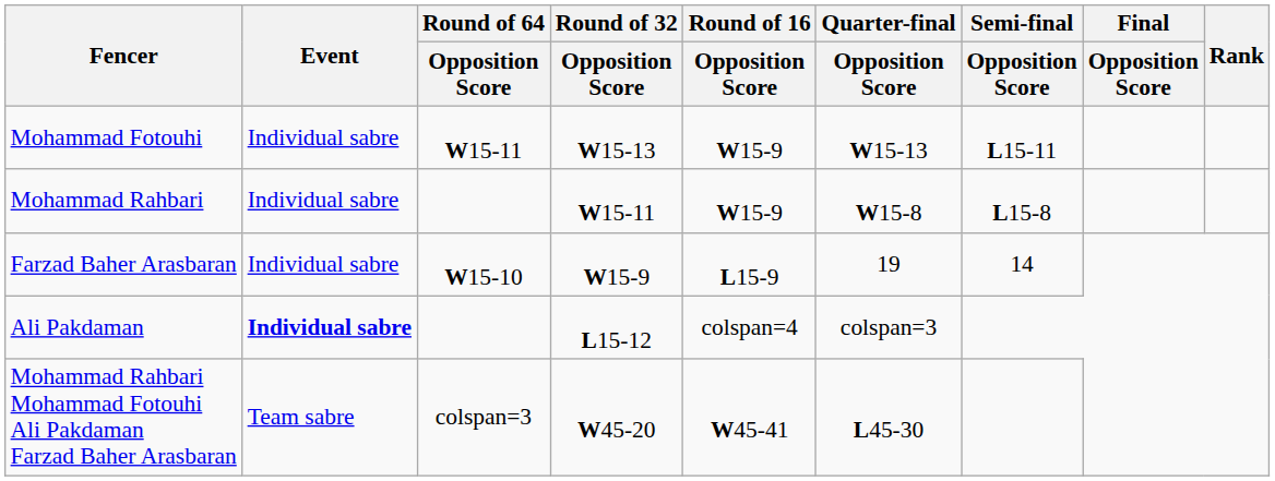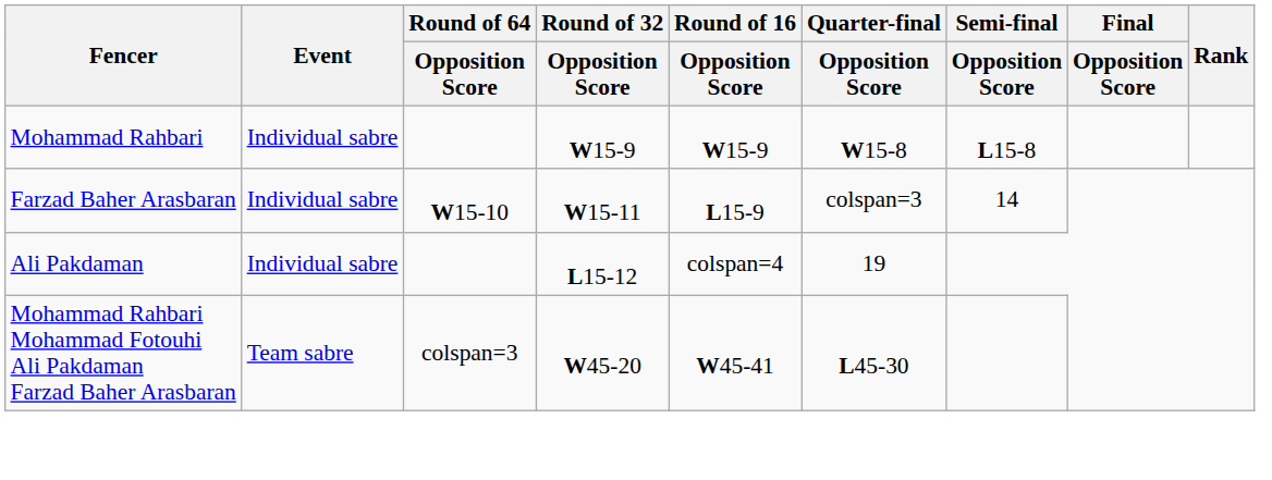 <table class=wikitable style="align:center; white-space:nowrap">
 <tr>
 <th rowspan=2>Fencer</th>
 <th rowspan=2>Event</th>
 <th>Round of 64</th>
 <th>Round of 32</th>
 <th>Round of 16</th>
 <th>Quarter-final</th>
 <th>Semi-final</th>
 <th>Final</th>
 <th rowspan=2>Rank</th>
 </tr>
 <tr>
 <th>Opposition<br>Score</th>
 <th>Opposition<br>Score</th>
 <th>Opposition<br>Score</th>
 <th>Opposition<br>Score</th>
 <th>Opposition<br>Score</th>
 <th>Opposition<br>Score</th>
 </tr>
 <tr align=center>
-<td align=left><a href='#'>Mohammad Fotouhi</a></td>
-<td align=left><a href='#'>Individual sabre</a></td>
-<td><br><strong>W</strong>15-11</td>
-<td><br><strong>W</strong>15-13</td>
-<td><br><strong>W</strong>15-9</td>
-<td><br><strong>W</strong>15-13</td>
-<td><br><strong>L</strong>15-11</td>
-<td></td>
-<td></td>
-</tr>
-<tr align=center>
 <td align=left><a href='#'>Mohammad Rahbari</a></td>
 <td align=left><a href='#'>Individual sabre</a></td>
 <td></td>
-<td><br><strong>W</strong>15-11</td>
+<td><br><strong>W</strong>15-9</td>
 <td><br><strong>W</strong>15-9</td>
 <td><br><strong>W</strong>15-8</td>
 <td><br><strong>L</strong>15-8</td>
 <td></td>
 <td></td>
 </tr>
 <tr align=center>
 <td align=left><a href='#'>Farzad Baher Arasbaran</a></td>
 <td align=left><a href='#'>Individual sabre</a></td>
 <td><br><strong>W</strong>15-10</td>
-<td><br><strong>W</strong>15-9</td>
+<td><br><strong>W</strong>15-11</td>
 <td><br><strong>L</strong>15-9</td>
-<td>19</td>
+<td>colspan=3 </td>
 <td>14</td>
 </tr>
 <tr align=center>
 <td align=left><a href='#'>Ali Pakdaman</a></td>
-<td align=left><strong><a href='#'>Individual sabre</a></strong></td>
+<td align=left><a href='#'>Individual sabre</a></td>
 <td></td>
 <td><br><strong>L</strong>15-12</td>
 <td>colspan=4 </td>
-<td>colspan=3 </td>
+<td>19</td>
 </tr>
 <tr align=center>
 <td align=left><a href='#'>Mohammad Rahbari</a><br><a href='#'>Mohammad Fotouhi</a><br><a href='#'>Ali Pakdaman</a><br><a href='#'>Farzad Baher Arasbaran</a></td>
 <td align=left><a href='#'>Team sabre</a></td>
 <td>colspan=3 </td>
 <td><br><strong>W</strong>45-20</td>
 <td><br><strong>W</strong>45-41</td>
 <td><br><strong>L</strong>45-30</td>
 <td></td>
 </tr>
 </table>
